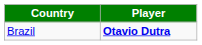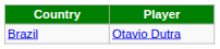 <table class="wikitable">
 <tr>
 <th style="width:130px; color:white; background:green;">Country</th>
 <th style="width:130px; color:white; background:green;">Player</th>
 </tr>
 <tr>
 <td> <a href='#'>Brazil</a></td>
-<td><strong><a href='#'>Otavio Dutra</a></strong></td>
+<td><a href='#'>Otavio Dutra</a></td>
 </tr>
 </table>
